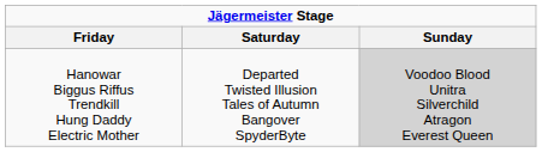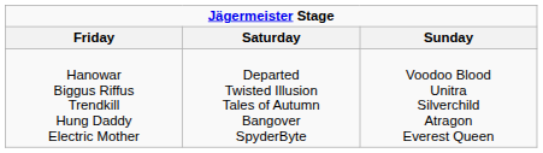 <table class="wikitable">
 <tr>
 <td colspan="3" align="center"><strong><a href='#'>Jägermeister</a> Stage</strong></td>
 </tr>
 <tr>
 <th>Friday</th>
 <th>Saturday</th>
 <th>Sunday</th>
 </tr>
 <tr>
 <td align="center" valign="top" width="200"><br>Hanowar<br> Biggus Riffus<br> Trendkill<br> Hung Daddy<br> Electric Mother</td>
 <td align="center" valign="top" width="200"><br>Departed<br> Twisted Illusion<br> Tales of Autumn<br> Bangover<br> SpyderByte</td>
-<td align="center" valign="top" width="200" style="background: lightgrey;"><br>Voodoo Blood<br> Unitra<br> Silverchild<br> Atragon<br> Everest Queen</td>
+<td align="center" valign="top" width="200"><br>Voodoo Blood<br> Unitra<br> Silverchild<br> Atragon<br> Everest Queen</td>
 </tr>
 </table>
